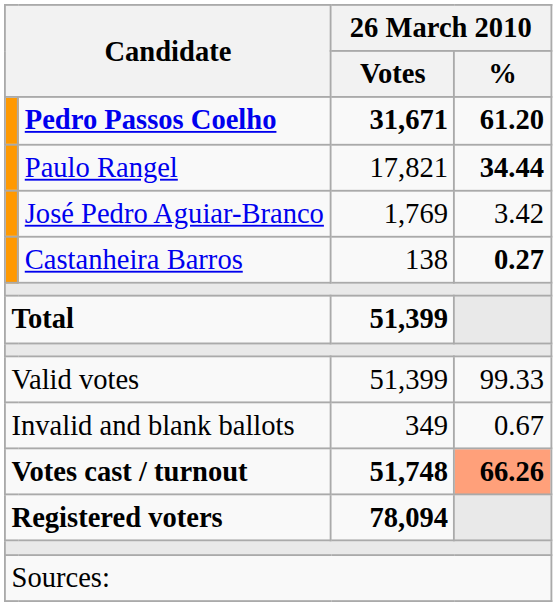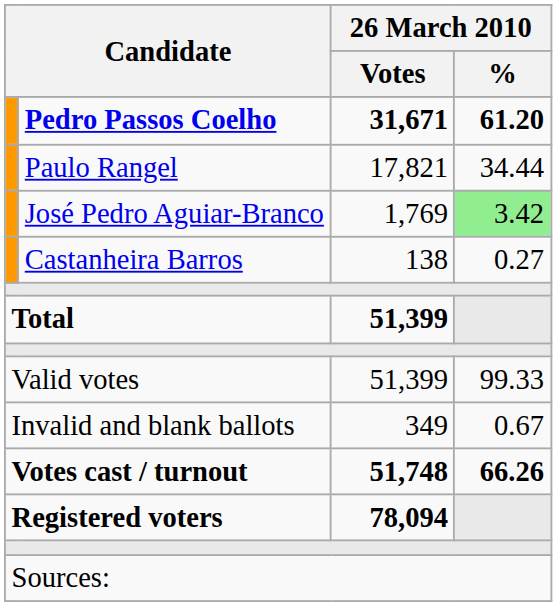 <table class="wikitable" style="text-align:right; font-size:97%;">
 <tr>
 <th rowspan="2" colspan="2" width="170">Candidate</th>
 <th colspan="2">26 March 2010</th>
 </tr>
 <tr>
 <th width="60">Votes</th>
 <th width="45">%</th>
 </tr>
 <tr>
 <td style="color:inherit;background:#FF9900"></td>
 <td align="left"><strong><a href='#'>Pedro Passos Coelho</a></strong></td>
 <td><strong>31,671</strong></td>
 <td><strong>61.20</strong></td>
 </tr>
 <tr>
 <td style="color:inherit;background:#FF9900"></td>
 <td align="left"><a href='#'>Paulo Rangel</a></td>
 <td>17,821</td>
-<td><strong>34.44</strong></td>
+<td>34.44</td>
 </tr>
 <tr>
 <td style="color:inherit;background:#FF9900"></td>
 <td align="left"><a href='#'>José Pedro Aguiar-Branco</a></td>
 <td>1,769</td>
-<td>3.42</td>
+<td style="background: lightgreen;">3.42</td>
 </tr>
 <tr>
 <td style="color:inherit;background:#FF9900"></td>
 <td align="left"><a href='#'>Castanheira Barros</a></td>
 <td>138</td>
-<td><strong>0.27</strong></td>
+<td>0.27</td>
 </tr>
 <tr>
 <td colspan="4" bgcolor="#E9E9E9"></td>
 </tr>
 <tr style="font-weight:bold;">
 <td align="left" colspan="2">Total</td>
 <td>51,399</td>
 <td bgcolor="#E9E9E9"></td>
 </tr>
 <tr>
 <td colspan="4" bgcolor="#E9E9E9"></td>
 </tr>
 <tr>
 <td align="left" colspan="2">Valid votes</td>
 <td>51,399</td>
 <td>99.33</td>
 </tr>
 <tr>
 <td align="left" colspan="2">Invalid and blank ballots</td>
 <td>349</td>
 <td>0.67</td>
 </tr>
 <tr style="font-weight:bold;">
 <td align="left" colspan="2">Votes cast / turnout</td>
 <td>51,748</td>
-<td style="background: lightsalmon;">66.26</td>
+<td>66.26</td>
 </tr>
 <tr style="font-weight:bold;">
 <td align="left" colspan="2">Registered voters</td>
 <td>78,094</td>
 <td bgcolor="#E9E9E9"></td>
 </tr>
 <tr>
 <td colspan="4" bgcolor="#E9E9E9"></td>
 </tr>
 <tr>
 <td align="left" colspan="6">Sources: </td>
 </tr>
 </table>
